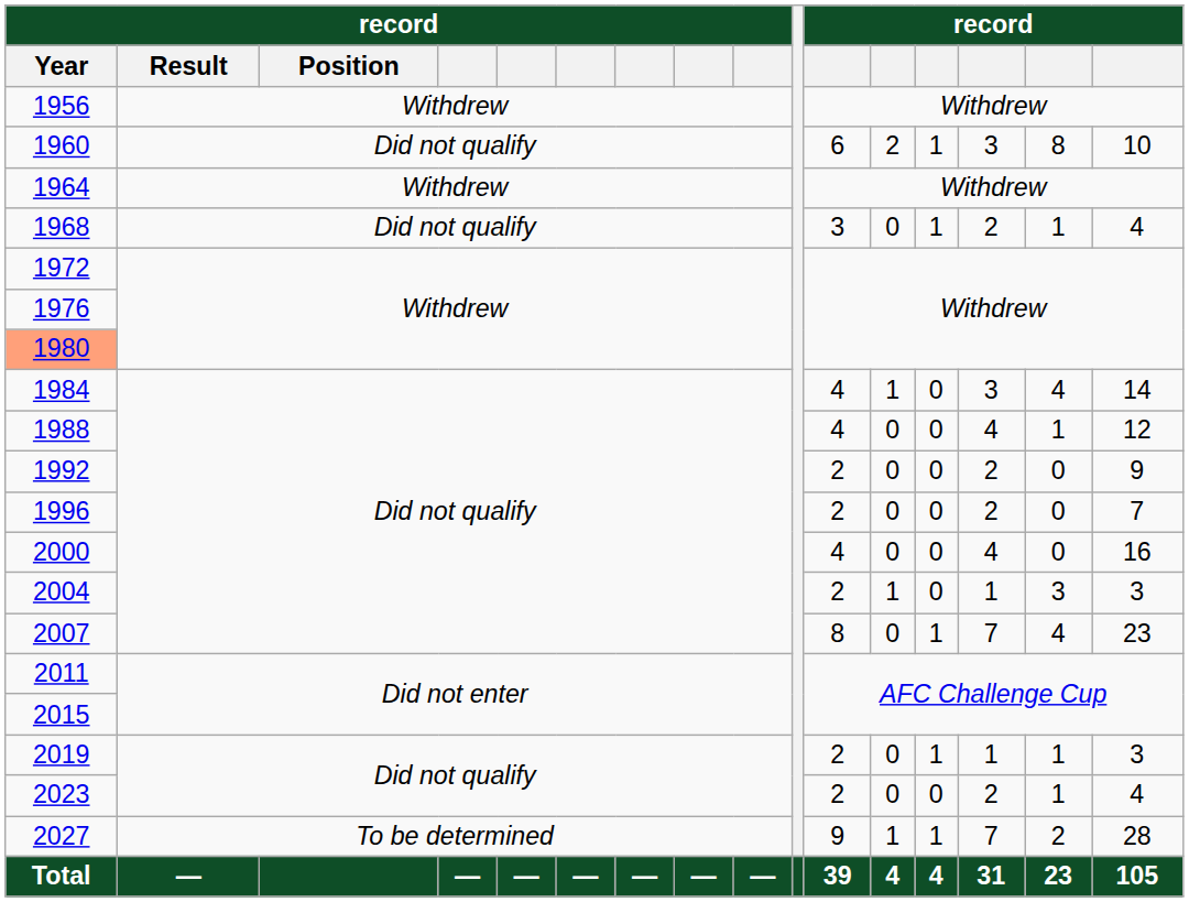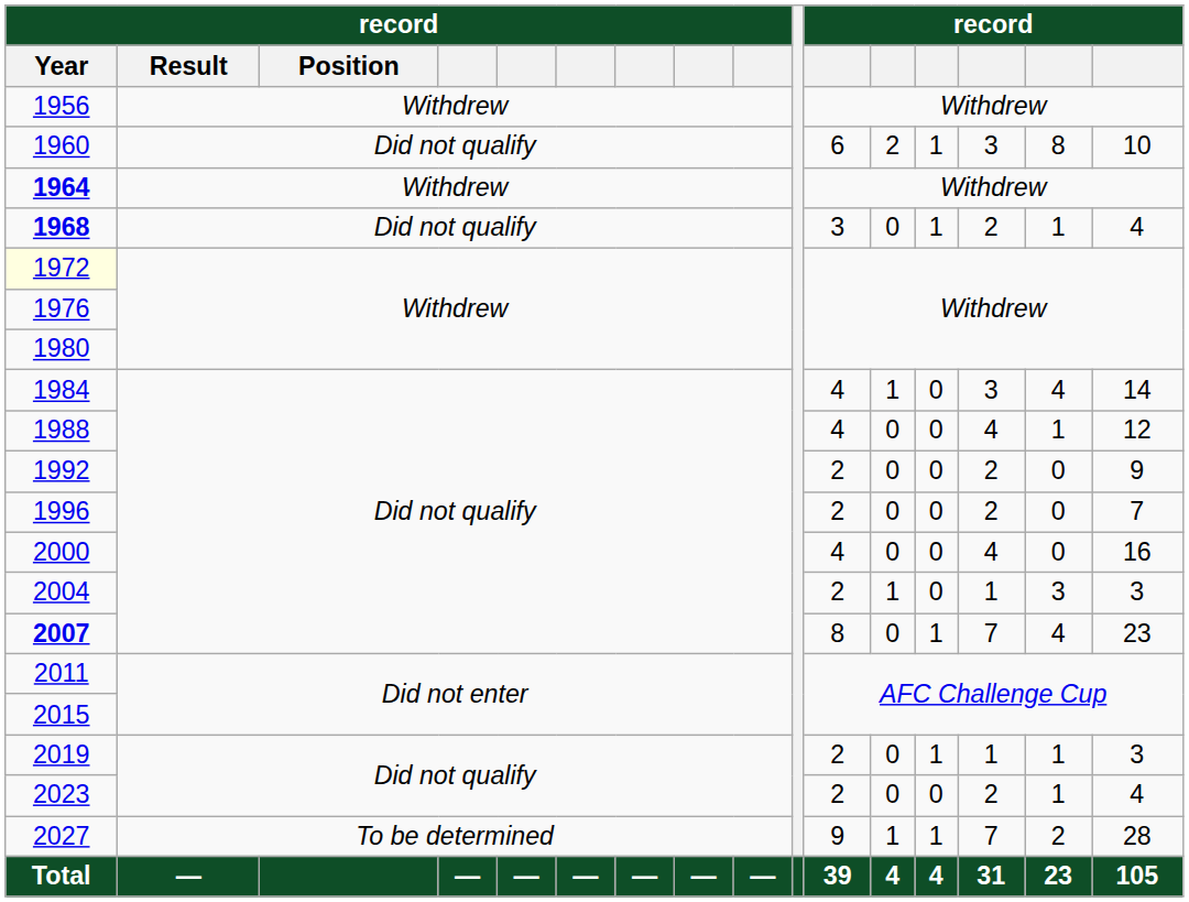 <table class="wikitable" style="text-align: center;">
 <tr>
 <th colspan=9 style="background: #0E4E27; color: #FFFFFF;"><a href='#'></a> record</th>
 <th style="width:1%;" rowspan=21></th>
 <th colspan=6 style="background: #0E4E27; color: #FFFFFF;"><a href='#'></a> record</th>
 </tr>
 <tr>
 <th>Year</th>
 <th>Result</th>
 <th>Position</th>
 <th></th>
 <th></th>
 <th></th>
 <th></th>
 <th></th>
 <th></th>
 <th></th>
 <th></th>
 <th></th>
 <th></th>
 <th></th>
 <th></th>
 </tr>
 <tr>
 <td> <a href='#'>1956</a></td>
 <td colspan=8><em>Withdrew</em></td>
 <td colspan=6><em>Withdrew</em></td>
 </tr>
 <tr>
 <td> <a href='#'>1960</a></td>
 <td colspan=8><em>Did not qualify</em></td>
 <td>6</td>
 <td>2</td>
 <td>1</td>
 <td>3</td>
 <td>8</td>
 <td>10</td>
 </tr>
 <tr>
-<td> <a href='#'>1964</a></td>
+<td><strong> <a href='#'>1964</a></strong></td>
 <td colspan=8><em>Withdrew</em></td>
 <td colspan=6><em>Withdrew</em></td>
 </tr>
 <tr>
-<td> <a href='#'>1968</a></td>
+<td><strong> <a href='#'>1968</a></strong></td>
 <td colspan=8><em>Did not qualify</em></td>
 <td>3</td>
 <td>0</td>
 <td>1</td>
 <td>2</td>
 <td>1</td>
 <td>4</td>
 </tr>
 <tr>
-<td> <a href='#'>1972</a></td>
+<td style="background: lightyellow;"> <a href='#'>1972</a></td>
 <td colspan=8 rowspan=3><em>Withdrew</em></td>
 <td colspan=6 rowspan=3><em>Withdrew</em></td>
 </tr>
 <tr>
 <td> <a href='#'>1976</a></td>
 </tr>
 <tr>
-<td style="background: lightsalmon;"> <a href='#'>1980</a></td>
+<td> <a href='#'>1980</a></td>
 </tr>
 <tr>
 <td> <a href='#'>1984</a></td>
 <td colspan=8 rowspan=7><em>Did not qualify</em></td>
 <td>4</td>
 <td>1</td>
 <td>0</td>
 <td>3</td>
 <td>4</td>
 <td>14</td>
 </tr>
 <tr>
 <td> <a href='#'>1988</a></td>
 <td>4</td>
 <td>0</td>
 <td>0</td>
 <td>4</td>
 <td>1</td>
 <td>12</td>
 </tr>
 <tr>
 <td> <a href='#'>1992</a></td>
 <td>2</td>
 <td>0</td>
 <td>0</td>
 <td>2</td>
 <td>0</td>
 <td>9</td>
 </tr>
 <tr>
 <td> <a href='#'>1996</a></td>
 <td>2</td>
 <td>0</td>
 <td>0</td>
 <td>2</td>
 <td>0</td>
 <td>7</td>
 </tr>
 <tr>
 <td> <a href='#'>2000</a></td>
 <td>4</td>
 <td>0</td>
 <td>0</td>
 <td>4</td>
 <td>0</td>
 <td>16</td>
 </tr>
 <tr>
 <td> <a href='#'>2004</a></td>
 <td>2</td>
 <td>1</td>
 <td>0</td>
 <td>1</td>
 <td>3</td>
 <td>3</td>
 </tr>
 <tr>
-<td>    <a href='#'>2007</a></td>
+<td><strong>    <a href='#'>2007</a></strong></td>
 <td>8</td>
 <td>0</td>
 <td>1</td>
 <td>7</td>
 <td>4</td>
 <td>23</td>
 </tr>
 <tr>
 <td> <a href='#'>2011</a></td>
 <td colspan=8 rowspan=2><em>Did not enter</em></td>
 <td colspan=6 rowspan=2><em><a href='#'>AFC Challenge Cup</a></em></td>
 </tr>
 <tr>
 <td> <a href='#'>2015</a></td>
 </tr>
 <tr>
 <td> <a href='#'>2019</a></td>
 <td colspan=8 rowspan=2><em>Did not qualify</em></td>
 <td>2</td>
 <td>0</td>
 <td>1</td>
 <td>1</td>
 <td>1</td>
 <td>3</td>
 </tr>
 <tr>
 <td> <a href='#'>2023</a></td>
 <td>2</td>
 <td>0</td>
 <td>0</td>
 <td>2</td>
 <td>1</td>
 <td>4</td>
 </tr>
 <tr>
 <td> <a href='#'>2027</a></td>
 <td colspan=8><em>To be determined</em></td>
 <td>9</td>
 <td>1</td>
 <td>1</td>
 <td>7</td>
 <td>2</td>
 <td>28</td>
 </tr>
 <tr>
 <td style="background: #0E4E27; color: #FFFFFF;"><strong>Total</strong></td>
 <td style="background: #0E4E27; color: #FFFFFF;"><strong>—</strong></td>
 <td style="background: #0E4E27; color: #FFFFFF;"><strong></strong></td>
 <td style="background: #0E4E27; color: #FFFFFF;"><strong>—</strong></td>
 <td style="background: #0E4E27; color: #FFFFFF;"><strong>—</strong></td>
 <td style="background: #0E4E27; color: #FFFFFF;"><strong>—</strong></td>
 <td style="background: #0E4E27; color: #FFFFFF;"><strong>—</strong></td>
 <td style="background: #0E4E27; color: #FFFFFF;"><strong>—</strong></td>
 <td style="background: #0E4E27; color: #FFFFFF;"><strong>—</strong></td>
 <td style="background: #0E4E27; color: #FFFFFF;"></td>
 <td style="background: #0E4E27; color: #FFFFFF;"><strong>39</strong></td>
 <td style="background: #0E4E27; color: #FFFFFF;"><strong>4</strong></td>
 <td style="background: #0E4E27; color: #FFFFFF;"><strong>4</strong></td>
 <td style="background: #0E4E27; color: #FFFFFF;"><strong>31</strong></td>
 <td style="background: #0E4E27; color: #FFFFFF;"><strong>23</strong></td>
 <td style="background: #0E4E27; color: #FFFFFF;"><strong>105</strong></td>
 </tr>
 </table>
